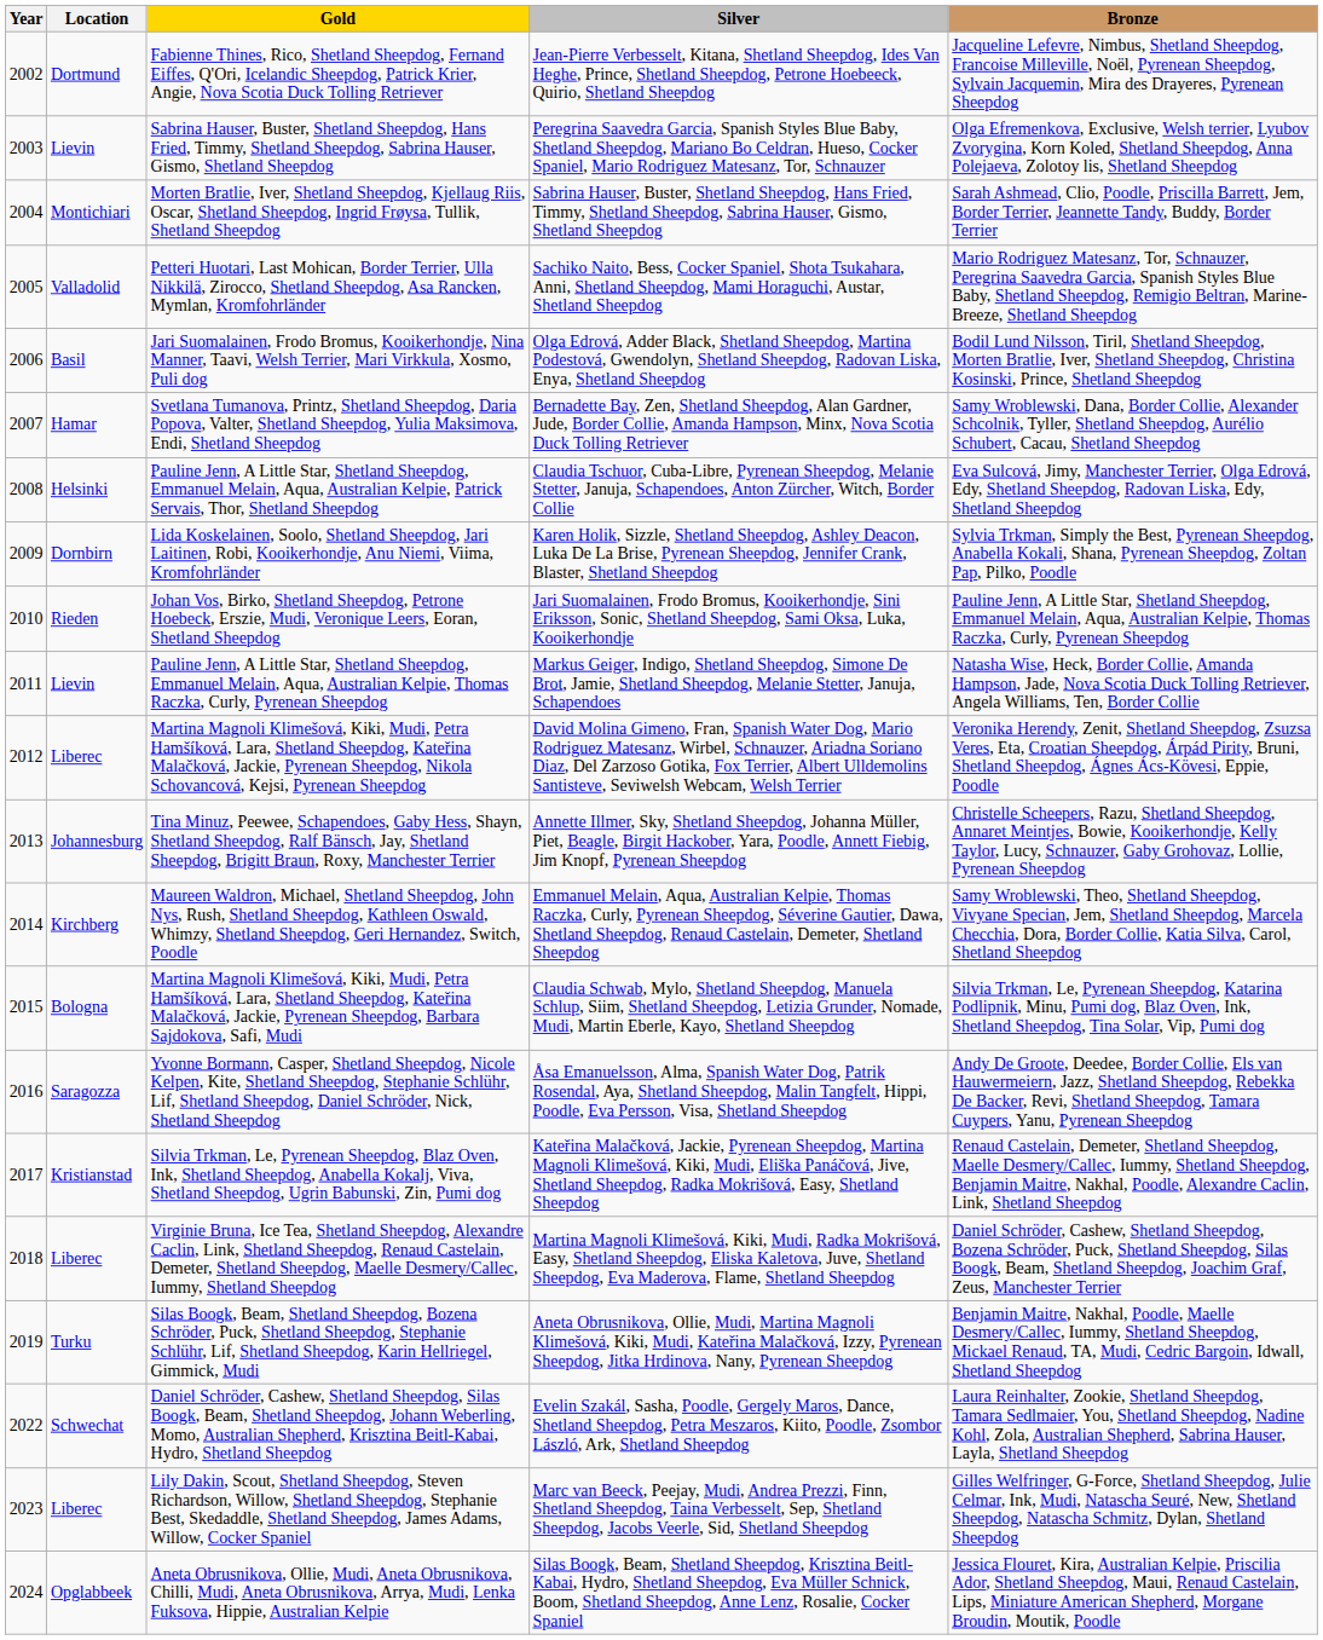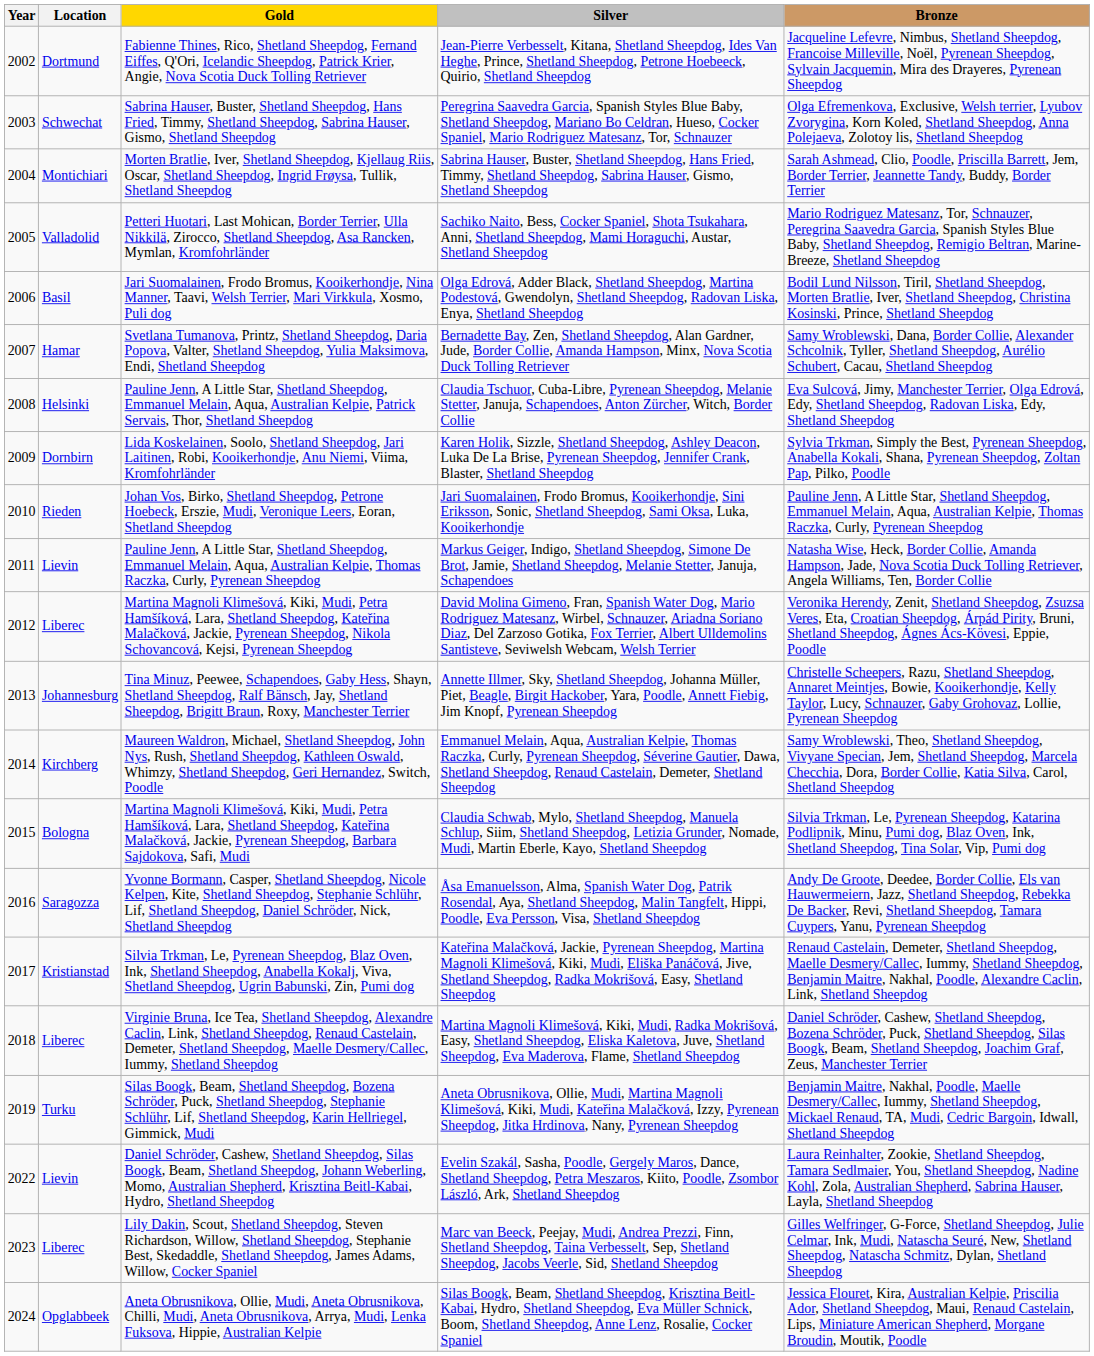 <table class="wikitable">
 <tr>
 <th>Year</th>
 <th>Location</th>
 <th style="background-color:gold;">Gold</th>
 <th style="background-color:silver;">Silver</th>
 <th style="background-color:#cc9966;">Bronze</th>
 </tr>
 <tr>
 <td>2002</td>
 <td> <a href='#'>Dortmund</a></td>
 <td> <a href='#'>Fabienne Thines</a>, Rico, <a href='#'>Shetland Sheepdog</a>, <a href='#'>Fernand Eiffes</a>, Q'Ori, <a href='#'>Icelandic Sheepdog</a>, <a href='#'>Patrick Krier</a>, Angie, <a href='#'>Nova Scotia Duck Tolling Retriever</a></td>
 <td> <a href='#'>Jean-Pierre Verbesselt</a>, Kitana, <a href='#'>Shetland Sheepdog</a>, <a href='#'>Ides Van Heghe</a>, Prince, <a href='#'>Shetland Sheepdog</a>, <a href='#'>Petrone Hoebeeck</a>, Quirio, <a href='#'>Shetland Sheepdog</a></td>
 <td> <a href='#'>Jacqueline Lefevre</a>, Nimbus, <a href='#'>Shetland Sheepdog</a>, <a href='#'>Francoise Milleville</a>, Noël, <a href='#'>Pyrenean Sheepdog</a>, <a href='#'>Sylvain Jacquemin</a>, Mira des Drayeres, <a href='#'>Pyrenean Sheepdog</a></td>
 </tr>
 <tr>
 <td>2003</td>
-<td> <a href='#'>Lievin</a></td>
+<td> <a href='#'>Schwechat</a></td>
 <td> <a href='#'>Sabrina Hauser</a>, Buster, <a href='#'>Shetland Sheepdog</a>, <a href='#'>Hans Fried</a>, Timmy, <a href='#'>Shetland Sheepdog</a>, <a href='#'>Sabrina Hauser</a>, Gismo, <a href='#'>Shetland Sheepdog</a></td>
 <td> <a href='#'>Peregrina Saavedra Garcia</a>, Spanish Styles Blue Baby, <a href='#'>Shetland Sheepdog</a>, <a href='#'>Mariano Bo Celdran</a>, Hueso, <a href='#'>Cocker Spaniel</a>, <a href='#'>Mario Rodriguez Matesanz</a>, Tor, <a href='#'>Schnauzer</a></td>
 <td> <a href='#'>Olga Efremenkova</a>, Exclusive, <a href='#'>Welsh terrier</a>, <a href='#'>Lyubov Zvorygina</a>, Korn Koled, <a href='#'>Shetland Sheepdog</a>, <a href='#'>Anna Polejaeva</a>, Zolotoy lis, <a href='#'>Shetland Sheepdog</a></td>
 </tr>
 <tr>
 <td>2004</td>
 <td> <a href='#'>Montichiari</a></td>
 <td> <a href='#'>Morten Bratlie</a>, Iver, <a href='#'>Shetland Sheepdog</a>, <a href='#'>Kjellaug Riis</a>, Oscar, <a href='#'>Shetland Sheepdog</a>, <a href='#'>Ingrid Frøysa</a>, Tullik, <a href='#'>Shetland Sheepdog</a></td>
 <td> <a href='#'>Sabrina Hauser</a>, Buster, <a href='#'>Shetland Sheepdog</a>, <a href='#'>Hans Fried</a>, Timmy, <a href='#'>Shetland Sheepdog</a>, <a href='#'>Sabrina Hauser</a>, Gismo, <a href='#'>Shetland Sheepdog</a></td>
 <td> <a href='#'>Sarah Ashmead</a>, Clio, <a href='#'>Poodle</a>, <a href='#'>Priscilla Barrett</a>, Jem, <a href='#'>Border Terrier</a>, <a href='#'>Jeannette Tandy</a>, Buddy, <a href='#'>Border Terrier</a></td>
 </tr>
 <tr>
 <td>2005</td>
 <td> <a href='#'>Valladolid</a></td>
 <td> <a href='#'>Petteri Huotari</a>, Last Mohican, <a href='#'>Border Terrier</a>, <a href='#'>Ulla Nikkilä</a>, Zirocco, <a href='#'>Shetland Sheepdog</a>, <a href='#'>Asa Rancken</a>, Mymlan, <a href='#'>Kromfohrländer</a></td>
 <td> <a href='#'>Sachiko Naito</a>, Bess, <a href='#'>Cocker Spaniel</a>, <a href='#'>Shota Tsukahara</a>, Anni, <a href='#'>Shetland Sheepdog</a>, <a href='#'>Mami Horaguchi</a>, Austar, <a href='#'>Shetland Sheepdog</a></td>
 <td> <a href='#'>Mario Rodriguez Matesanz</a>, Tor, <a href='#'>Schnauzer</a>, <a href='#'>Peregrina Saavedra Garcia</a>, Spanish Styles Blue Baby, <a href='#'>Shetland Sheepdog</a>, <a href='#'>Remigio Beltran</a>, Marine-Breeze, <a href='#'>Shetland Sheepdog</a></td>
 </tr>
 <tr>
 <td>2006</td>
 <td> <a href='#'>Basil</a></td>
 <td> <a href='#'>Jari Suomalainen</a>, Frodo Bromus, <a href='#'>Kooikerhondje</a>, <a href='#'>Nina Manner</a>, Taavi, <a href='#'>Welsh Terrier</a>, <a href='#'>Mari Virkkula</a>, Xosmo, <a href='#'>Puli dog</a></td>
 <td> <a href='#'>Olga Edrová</a>, Adder Black, <a href='#'>Shetland Sheepdog</a>, <a href='#'>Martina Podestová</a>, Gwendolyn, <a href='#'>Shetland Sheepdog</a>, <a href='#'>Radovan Liska</a>, Enya, <a href='#'>Shetland Sheepdog</a></td>
 <td> <a href='#'>Bodil Lund Nilsson</a>, Tiril, <a href='#'>Shetland Sheepdog</a>, <a href='#'>Morten Bratlie</a>, Iver, <a href='#'>Shetland Sheepdog</a>, <a href='#'>Christina Kosinski</a>, Prince, <a href='#'>Shetland Sheepdog</a></td>
 </tr>
 <tr>
 <td>2007</td>
 <td> <a href='#'>Hamar</a></td>
 <td> <a href='#'>Svetlana Tumanova</a>, Printz, <a href='#'>Shetland Sheepdog</a>, <a href='#'>Daria Popova</a>, Valter, <a href='#'>Shetland Sheepdog</a>, <a href='#'>Yulia Maksimova</a>, Endi, <a href='#'>Shetland Sheepdog</a></td>
 <td> <a href='#'>Bernadette Bay</a>, Zen, <a href='#'>Shetland Sheepdog</a>, Alan Gardner, Jude, <a href='#'>Border Collie</a>, <a href='#'>Amanda Hampson</a>, Minx, <a href='#'>Nova Scotia Duck Tolling Retriever</a></td>
 <td> <a href='#'>Samy Wroblewski</a>, Dana, <a href='#'>Border Collie</a>, <a href='#'>Alexander Schcolnik</a>, Tyller, <a href='#'>Shetland Sheepdog</a>, <a href='#'>Aurélio Schubert</a>, Cacau, <a href='#'>Shetland Sheepdog</a></td>
 </tr>
 <tr>
 <td>2008</td>
 <td> <a href='#'>Helsinki</a></td>
 <td> <a href='#'>Pauline Jenn</a>, A Little Star, <a href='#'>Shetland Sheepdog</a>, <a href='#'>Emmanuel Melain</a>, Aqua, <a href='#'>Australian Kelpie</a>, <a href='#'>Patrick Servais</a>, Thor, <a href='#'>Shetland Sheepdog</a></td>
 <td> <a href='#'>Claudia Tschuor</a>, Cuba-Libre, <a href='#'>Pyrenean Sheepdog</a>, <a href='#'>Melanie Stetter</a>, Januja, <a href='#'>Schapendoes</a>, <a href='#'>Anton Zürcher</a>, Witch, <a href='#'>Border Collie</a></td>
 <td> <a href='#'>Eva Sulcová</a>, Jimy, <a href='#'>Manchester Terrier</a>, <a href='#'>Olga Edrová</a>, Edy, <a href='#'>Shetland Sheepdog</a>, <a href='#'>Radovan Liska</a>, Edy, <a href='#'>Shetland Sheepdog</a></td>
 </tr>
 <tr>
 <td>2009</td>
 <td> <a href='#'>Dornbirn</a></td>
 <td> <a href='#'>Lida Koskelainen</a>, Soolo, <a href='#'>Shetland Sheepdog</a>, <a href='#'>Jari Laitinen</a>, Robi, <a href='#'>Kooikerhondje</a>, <a href='#'>Anu Niemi</a>, Viima, <a href='#'>Kromfohrländer</a></td>
 <td> <a href='#'>Karen Holik</a>, Sizzle, <a href='#'>Shetland Sheepdog</a>, <a href='#'>Ashley Deacon</a>, Luka De La Brise, <a href='#'>Pyrenean Sheepdog</a>, <a href='#'>Jennifer Crank</a>, Blaster, <a href='#'>Shetland Sheepdog</a></td>
 <td> <a href='#'>Sylvia Trkman</a>, Simply the Best, <a href='#'>Pyrenean Sheepdog</a>, <a href='#'>Anabella Kokali</a>, Shana, <a href='#'>Pyrenean Sheepdog</a>, <a href='#'>Zoltan Pap</a>, Pilko, <a href='#'>Poodle</a></td>
 </tr>
 <tr>
 <td>2010</td>
 <td> <a href='#'>Rieden</a></td>
 <td> <a href='#'>Johan Vos</a>, Birko, <a href='#'>Shetland Sheepdog</a>, <a href='#'>Petrone Hoebeck</a>, Erszie, <a href='#'>Mudi</a>, <a href='#'>Veronique Leers</a>, Eoran, <a href='#'>Shetland Sheepdog</a></td>
 <td> <a href='#'>Jari Suomalainen</a>, Frodo Bromus, <a href='#'>Kooikerhondje</a>, <a href='#'>Sini Eriksson</a>, Sonic, <a href='#'>Shetland Sheepdog</a>, <a href='#'>Sami Oksa</a>, Luka, <a href='#'>Kooikerhondje</a></td>
 <td> <a href='#'>Pauline Jenn</a>, A Little Star, <a href='#'>Shetland Sheepdog</a>, <a href='#'>Emmanuel Melain</a>, Aqua, <a href='#'>Australian Kelpie</a>, <a href='#'>Thomas Raczka</a>, Curly, <a href='#'>Pyrenean Sheepdog</a></td>
 </tr>
 <tr>
 <td>2011</td>
 <td> <a href='#'>Lievin</a></td>
 <td> <a href='#'>Pauline Jenn</a>, A Little Star, <a href='#'>Shetland Sheepdog</a>, <a href='#'>Emmanuel Melain</a>, Aqua, <a href='#'>Australian Kelpie</a>, <a href='#'>Thomas Raczka</a>, Curly, <a href='#'>Pyrenean Sheepdog</a></td>
 <td> <a href='#'>Markus Geiger</a>, Indigo, <a href='#'>Shetland Sheepdog</a>, <a href='#'>Simone De Brot</a>, Jamie, <a href='#'>Shetland Sheepdog</a>, <a href='#'>Melanie Stetter</a>, Januja, <a href='#'>Schapendoes</a></td>
 <td> <a href='#'>Natasha Wise</a>, Heck, <a href='#'>Border Collie</a>, <a href='#'>Amanda Hampson</a>, Jade, <a href='#'>Nova Scotia Duck Tolling Retriever</a>, Angela Williams, Ten, <a href='#'>Border Collie</a></td>
 </tr>
 <tr>
 <td>2012</td>
 <td> <a href='#'>Liberec</a></td>
 <td> <a href='#'>Martina Magnoli Klimešová</a>, Kiki, <a href='#'>Mudi</a>, <a href='#'>Petra Hamšíková</a>, Lara, <a href='#'>Shetland Sheepdog</a>, <a href='#'>Kateřina Malačková</a>, Jackie, <a href='#'>Pyrenean Sheepdog</a>, <a href='#'>Nikola Schovancová</a>, Kejsi, <a href='#'>Pyrenean Sheepdog</a></td>
 <td> <a href='#'>David Molina Gimeno</a>, Fran, <a href='#'>Spanish Water Dog</a>, <a href='#'>Mario Rodriguez Matesanz</a>, Wirbel, <a href='#'>Schnauzer</a>, <a href='#'>Ariadna Soriano Diaz</a>, Del Zarzoso Gotika, <a href='#'>Fox Terrier</a>, <a href='#'>Albert Ulldemolins Santisteve</a>, Seviwelsh Webcam, <a href='#'>Welsh Terrier</a></td>
 <td> <a href='#'>Veronika Herendy</a>, Zenit, <a href='#'>Shetland Sheepdog</a>, <a href='#'>Zsuzsa Veres</a>, Eta, <a href='#'>Croatian Sheepdog</a>, <a href='#'>Árpád Pirity</a>, Bruni, <a href='#'>Shetland Sheepdog</a>, <a href='#'>Ágnes Ács-Kövesi</a>, Eppie, <a href='#'>Poodle</a></td>
 </tr>
 <tr>
 <td>2013</td>
 <td> <a href='#'>Johannesburg</a></td>
 <td> <a href='#'>Tina Minuz</a>, Peewee, <a href='#'>Schapendoes</a>, <a href='#'>Gaby Hess</a>, Shayn, <a href='#'>Shetland Sheepdog</a>, <a href='#'>Ralf Bänsch</a>, Jay, <a href='#'>Shetland Sheepdog</a>, <a href='#'>Brigitt Braun</a>, Roxy, <a href='#'>Manchester Terrier</a></td>
 <td> <a href='#'>Annette Illmer</a>, Sky, <a href='#'>Shetland Sheepdog</a>, Johanna Müller, Piet, <a href='#'>Beagle</a>, <a href='#'>Birgit Hackober</a>, Yara, <a href='#'>Poodle</a>, <a href='#'>Annett Fiebig</a>, Jim Knopf, <a href='#'>Pyrenean Sheepdog</a></td>
 <td> <a href='#'>Christelle Scheepers</a>, Razu, <a href='#'>Shetland Sheepdog</a>, <a href='#'>Annaret Meintjes</a>, Bowie, <a href='#'>Kooikerhondje</a>, <a href='#'>Kelly Taylor</a>, Lucy, <a href='#'>Schnauzer</a>, <a href='#'>Gaby Grohovaz</a>, Lollie, <a href='#'>Pyrenean Sheepdog</a></td>
 </tr>
 <tr>
 <td>2014</td>
 <td> <a href='#'>Kirchberg</a></td>
 <td> <a href='#'>Maureen Waldron</a>, Michael, <a href='#'>Shetland Sheepdog</a>, <a href='#'>John Nys</a>, Rush, <a href='#'>Shetland Sheepdog</a>, <a href='#'>Kathleen Oswald</a>, Whimzy, <a href='#'>Shetland Sheepdog</a>, <a href='#'>Geri Hernandez</a>, Switch, <a href='#'>Poodle</a></td>
 <td> <a href='#'>Emmanuel Melain</a>, Aqua, <a href='#'>Australian Kelpie</a>, <a href='#'>Thomas Raczka</a>, Curly, <a href='#'>Pyrenean Sheepdog</a>, <a href='#'>Séverine Gautier</a>, Dawa, <a href='#'>Shetland Sheepdog</a>, <a href='#'>Renaud Castelain</a>, Demeter, <a href='#'>Shetland Sheepdog</a></td>
 <td> <a href='#'>Samy Wroblewski</a>, Theo, <a href='#'>Shetland Sheepdog</a>, <a href='#'>Vivyane Specian</a>, Jem, <a href='#'>Shetland Sheepdog</a>, <a href='#'>Marcela Checchia</a>, Dora, <a href='#'>Border Collie</a>, <a href='#'>Katia Silva</a>, Carol, <a href='#'>Shetland Sheepdog</a></td>
 </tr>
 <tr>
 <td>2015</td>
 <td> <a href='#'>Bologna</a></td>
 <td> <a href='#'>Martina Magnoli Klimešová</a>, Kiki, <a href='#'>Mudi</a>, <a href='#'>Petra Hamšíková</a>, Lara, <a href='#'>Shetland Sheepdog</a>, <a href='#'>Kateřina Malačková</a>, Jackie, <a href='#'>Pyrenean Sheepdog</a>, <a href='#'>Barbara Sajdokova</a>, Safi, <a href='#'>Mudi</a></td>
 <td> <a href='#'>Claudia Schwab</a>, Mylo, <a href='#'>Shetland Sheepdog</a>, <a href='#'>Manuela Schlup</a>, Siim, <a href='#'>Shetland Sheepdog</a>, <a href='#'>Letizia Grunder</a>, Nomade, <a href='#'>Mudi</a>, Martin Eberle, Kayo, <a href='#'>Shetland Sheepdog</a></td>
 <td> <a href='#'>Silvia Trkman</a>, Le, <a href='#'>Pyrenean Sheepdog</a>, <a href='#'>Katarina Podlipnik</a>, Minu, <a href='#'>Pumi dog</a>, <a href='#'>Blaz Oven</a>, Ink, <a href='#'>Shetland Sheepdog</a>, <a href='#'>Tina Solar</a>, Vip, <a href='#'>Pumi dog</a></td>
 </tr>
 <tr>
 <td>2016</td>
 <td> <a href='#'>Saragozza</a></td>
 <td> <a href='#'>Yvonne Bormann</a>, Casper, <a href='#'>Shetland Sheepdog</a>, <a href='#'>Nicole Kelpen</a>, Kite, <a href='#'>Shetland Sheepdog</a>, <a href='#'>Stephanie Schlühr</a>, Lif, <a href='#'>Shetland Sheepdog</a>, <a href='#'>Daniel Schröder</a>, Nick, <a href='#'>Shetland Sheepdog</a></td>
 <td> <a href='#'>Åsa Emanuelsson</a>, Alma, <a href='#'>Spanish Water Dog</a>, <a href='#'>Patrik Rosendal</a>, Aya, <a href='#'>Shetland Sheepdog</a>, <a href='#'>Malin Tangfelt</a>, Hippi, <a href='#'>Poodle</a>, <a href='#'>Eva Persson</a>, Visa, <a href='#'>Shetland Sheepdog</a></td>
 <td> <a href='#'>Andy De Groote</a>, Deedee, <a href='#'>Border Collie</a>, <a href='#'>Els van Hauwermeiern</a>, Jazz, <a href='#'>Shetland Sheepdog</a>, <a href='#'>Rebekka De Backer</a>, Revi, <a href='#'>Shetland Sheepdog</a>, <a href='#'>Tamara Cuypers</a>, Yanu, <a href='#'>Pyrenean Sheepdog</a></td>
 </tr>
 <tr>
 <td>2017</td>
 <td> <a href='#'>Kristianstad</a></td>
 <td> <a href='#'>Silvia Trkman</a>, Le, <a href='#'>Pyrenean Sheepdog</a>, <a href='#'>Blaz Oven</a>, Ink, <a href='#'>Shetland Sheepdog</a>, <a href='#'>Anabella Kokalj</a>, Viva, <a href='#'>Shetland Sheepdog</a>, <a href='#'>Ugrin Babunski</a>, Zin, <a href='#'>Pumi dog</a></td>
 <td> <a href='#'>Kateřina Malačková</a>, Jackie, <a href='#'>Pyrenean Sheepdog</a>, <a href='#'>Martina Magnoli Klimešová</a>, Kiki, <a href='#'>Mudi</a>, <a href='#'>Eliška Panáčová</a>, Jive, <a href='#'>Shetland Sheepdog</a>, <a href='#'>Radka Mokrišová</a>, Easy, <a href='#'>Shetland Sheepdog</a></td>
 <td> <a href='#'>Renaud Castelain</a>, Demeter, <a href='#'>Shetland Sheepdog</a>, <a href='#'>Maelle Desmery/Callec</a>, Iummy, <a href='#'>Shetland Sheepdog</a>, <a href='#'>Benjamin Maitre</a>, Nakhal, <a href='#'>Poodle</a>, <a href='#'>Alexandre Caclin</a>, Link, <a href='#'>Shetland Sheepdog</a></td>
 </tr>
 <tr>
 <td>2018</td>
 <td> <a href='#'>Liberec</a></td>
 <td> <a href='#'>Virginie Bruna</a>, Ice Tea, <a href='#'>Shetland Sheepdog</a>, <a href='#'>Alexandre Caclin</a>, Link, <a href='#'>Shetland Sheepdog</a>, <a href='#'>Renaud Castelain</a>, Demeter, <a href='#'>Shetland Sheepdog</a>, <a href='#'>Maelle Desmery/Callec</a>, Iummy, <a href='#'>Shetland Sheepdog</a></td>
 <td> <a href='#'>Martina Magnoli Klimešová</a>, Kiki, <a href='#'>Mudi</a>, <a href='#'>Radka Mokrišová</a>, Easy, <a href='#'>Shetland Sheepdog</a>, <a href='#'>Eliska Kaletova</a>, Juve, <a href='#'>Shetland Sheepdog</a>, <a href='#'>Eva Maderova</a>, Flame, <a href='#'>Shetland Sheepdog</a></td>
 <td> <a href='#'>Daniel Schröder</a>, Cashew, <a href='#'>Shetland Sheepdog</a>, <a href='#'>Bozena Schröder</a>, Puck, <a href='#'>Shetland Sheepdog</a>, <a href='#'>Silas Boogk</a>, Beam, <a href='#'>Shetland Sheepdog</a>, <a href='#'>Joachim Graf</a>, Zeus, <a href='#'>Manchester Terrier</a></td>
 </tr>
 <tr>
 <td>2019</td>
 <td> <a href='#'>Turku</a></td>
 <td> <a href='#'>Silas Boogk</a>, Beam, <a href='#'>Shetland Sheepdog</a>, <a href='#'>Bozena Schröder</a>, Puck, <a href='#'>Shetland Sheepdog</a>, <a href='#'>Stephanie Schlühr</a>, Lif, <a href='#'>Shetland Sheepdog</a>, <a href='#'>Karin Hellriegel</a>, Gimmick, <a href='#'>Mudi</a></td>
 <td> <a href='#'>Aneta Obrusnikova</a>, Ollie, <a href='#'>Mudi</a>, <a href='#'>Martina Magnoli Klimešová</a>, Kiki, <a href='#'>Mudi</a>, <a href='#'>Kateřina Malačková</a>, Izzy, <a href='#'>Pyrenean Sheepdog</a>, <a href='#'>Jitka Hrdinova</a>, Nany, <a href='#'>Pyrenean Sheepdog</a></td>
 <td> <a href='#'>Benjamin Maitre</a>, Nakhal, <a href='#'>Poodle</a>, <a href='#'>Maelle Desmery/Callec</a>, Iummy, <a href='#'>Shetland Sheepdog</a>, <a href='#'>Mickael Renaud</a>, TA, <a href='#'>Mudi</a>, <a href='#'>Cedric Bargoin</a>, Idwall, <a href='#'>Shetland Sheepdog</a></td>
 </tr>
 <tr>
 <td>2022</td>
-<td> <a href='#'>Schwechat</a></td>
+<td> <a href='#'>Lievin</a></td>
 <td> <a href='#'>Daniel Schröder</a>, Cashew, <a href='#'>Shetland Sheepdog</a>, <a href='#'>Silas Boogk</a>, Beam, <a href='#'>Shetland Sheepdog</a>, <a href='#'>Johann Weberling</a>, Momo, <a href='#'>Australian Shepherd</a>, <a href='#'>Krisztina Beitl-Kabai</a>, Hydro, <a href='#'>Shetland Sheepdog</a></td>
 <td> <a href='#'>Evelin Szakál</a>, Sasha, <a href='#'>Poodle</a>, <a href='#'>Gergely Maros</a>, Dance, <a href='#'>Shetland Sheepdog</a>, <a href='#'>Petra Meszaros</a>, Kiito, <a href='#'>Poodle</a>, <a href='#'>Zsombor László</a>, Ark, <a href='#'>Shetland Sheepdog</a></td>
 <td> <a href='#'>Laura Reinhalter</a>, Zookie, <a href='#'>Shetland Sheepdog</a>, <a href='#'>Tamara Sedlmaier</a>, You, <a href='#'>Shetland Sheepdog</a>, <a href='#'>Nadine Kohl</a>, Zola, <a href='#'>Australian Shepherd</a>, <a href='#'>Sabrina Hauser</a>, Layla, <a href='#'>Shetland Sheepdog</a></td>
 </tr>
 <tr>
 <td>2023</td>
 <td> <a href='#'>Liberec</a></td>
 <td> <a href='#'>Lily Dakin</a>, Scout, <a href='#'>Shetland Sheepdog</a>, Steven Richardson, Willow, <a href='#'>Shetland Sheepdog</a>, Stephanie Best, Skedaddle, <a href='#'>Shetland Sheepdog</a>, James Adams, Willow, <a href='#'>Cocker Spaniel</a></td>
 <td> <a href='#'>Marc van Beeck</a>, Peejay, <a href='#'>Mudi</a>, <a href='#'>Andrea Prezzi</a>, Finn, <a href='#'>Shetland Sheepdog</a>, <a href='#'>Taina Verbesselt</a>, Sep, <a href='#'>Shetland Sheepdog</a>, <a href='#'>Jacobs Veerle</a>, Sid, <a href='#'>Shetland Sheepdog</a></td>
 <td> <a href='#'>Gilles Welfringer</a>, G-Force, <a href='#'>Shetland Sheepdog</a>, <a href='#'>Julie Celmar</a>, Ink, <a href='#'>Mudi</a>, <a href='#'>Natascha Seuré</a>, New, <a href='#'>Shetland Sheepdog</a>, <a href='#'>Natascha Schmitz</a>, Dylan, <a href='#'>Shetland Sheepdog</a></td>
 </tr>
 <tr>
 <td>2024</td>
 <td> <a href='#'>Opglabbeek</a></td>
 <td> <a href='#'>Aneta Obrusnikova</a>, Ollie, <a href='#'>Mudi</a>, <a href='#'>Aneta Obrusnikova</a>, Chilli, <a href='#'>Mudi</a>, <a href='#'>Aneta Obrusnikova</a>, Arrya, <a href='#'>Mudi</a>, <a href='#'>Lenka Fuksova</a>, Hippie, <a href='#'>Australian Kelpie</a></td>
 <td> <a href='#'>Silas Boogk</a>, Beam, <a href='#'>Shetland Sheepdog</a>, <a href='#'>Krisztina Beitl-Kabai</a>, Hydro, <a href='#'>Shetland Sheepdog</a>, <a href='#'>Eva Müller Schnick</a>, Boom, <a href='#'>Shetland Sheepdog</a>, <a href='#'>Anne Lenz</a>, Rosalie, <a href='#'>Cocker Spaniel</a></td>
 <td> <a href='#'>Jessica Flouret</a>, Kira, <a href='#'>Australian Kelpie</a>, <a href='#'>Priscilia Ador</a>, <a href='#'>Shetland Sheepdog</a>, Maui, <a href='#'>Renaud Castelain</a>, Lips, <a href='#'>Miniature American Shepherd</a>, <a href='#'>Morgane Broudin</a>, Moutik, <a href='#'>Poodle</a></td>
 </tr>
 </table>
